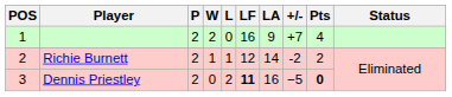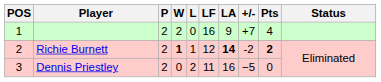 <table class="wikitable" style="text-align:center; margin: 1em auto 1em auto, align:left">
 <tr>
 <th width=20>POS</th>
 <th width=168>Player</th>
 <th width=3>P</th>
 <th width=3>W</th>
 <th width=3>L</th>
 <th width=20>LF</th>
 <th width=20>LA</th>
 <th width=20>+/-</th>
 <th width=20>Pts</th>
 <th width=126>Status</th>
 </tr>
 <tr style="background:#CCFFCC;">
 <td>1</td>
 <td style="text-align:left;"></td>
 <td>2</td>
 <td>2</td>
 <td>0</td>
 <td>16</td>
 <td>9</td>
 <td>+7</td>
 <td>4</td>
 <td rowspan=1></td>
 </tr>
 <tr style="background:#FFCCCC;">
 <td>2</td>
 <td style="text-align:left;"> <a href='#'>Richie Burnett</a></td>
 <td>2</td>
-<td>1</td>
+<td><strong>1</strong></td>
 <td>1</td>
 <td>12</td>
-<td>14</td>
+<td><strong>14</strong></td>
 <td>-2</td>
-<td>2</td>
+<td><strong>2</strong></td>
 <td rowspan=2>Eliminated</td>
 </tr>
 <tr style="background:#FFCCCC;">
 <td>3</td>
 <td style="text-align:left;"> <a href='#'>Dennis Priestley</a></td>
 <td>2</td>
 <td>0</td>
 <td>2</td>
-<td><strong>11</strong></td>
+<td>11</td>
 <td>16</td>
 <td>−5</td>
-<td><strong>0</strong></td>
+<td>0</td>
 </tr>
 </table>
